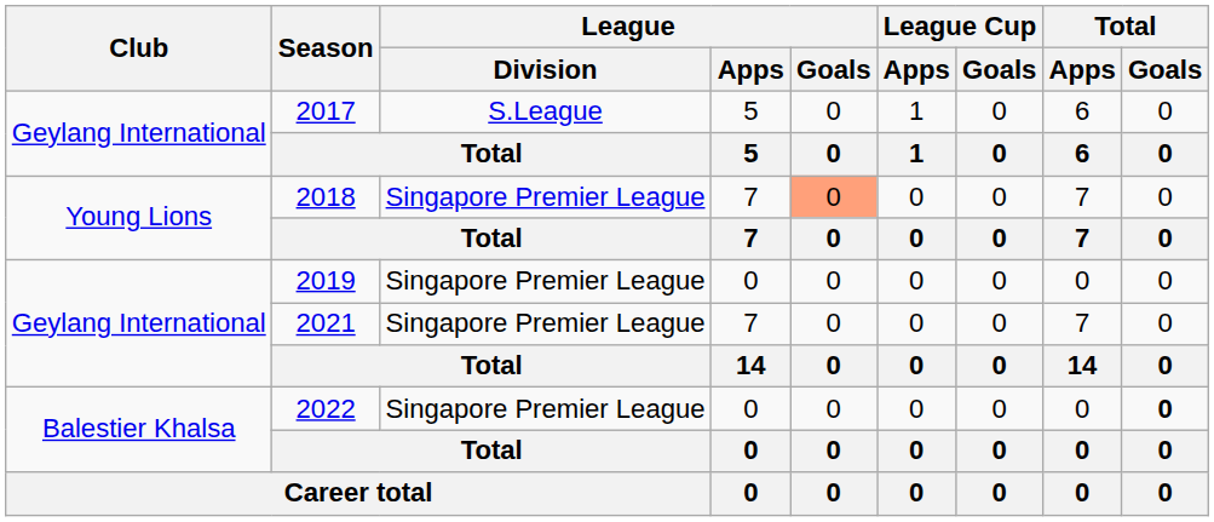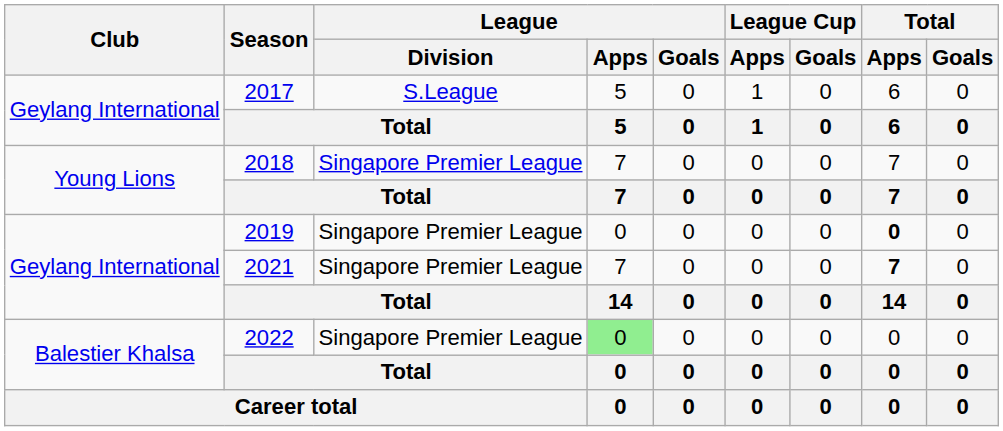 <table class="wikitable" style="text-align:center">
 <tr>
 <th rowspan="2">Club</th>
 <th rowspan="2">Season</th>
 <th colspan="3">League</th>
 <th colspan="2">League Cup</th>
 <th colspan="2">Total</th>
 </tr>
 <tr>
 <th>Division</th>
 <th>Apps</th>
 <th>Goals</th>
 <th>Apps</th>
 <th>Goals</th>
 <th>Apps</th>
 <th>Goals</th>
 </tr>
 <tr>
 <td rowspan="2"><a href='#'>Geylang International</a></td>
 <td><a href='#'>2017</a></td>
 <td><a href='#'>S.League</a></td>
 <td>5</td>
 <td>0</td>
 <td>1</td>
 <td>0</td>
 <td>6</td>
 <td>0</td>
 </tr>
 <tr>
 <th colspan=2>Total</th>
 <th>5</th>
 <th>0</th>
 <th>1</th>
 <th>0</th>
 <th>6</th>
 <th>0</th>
 </tr>
 <tr>
 <td rowspan="2"><a href='#'>Young Lions</a></td>
 <td><a href='#'>2018</a></td>
 <td><a href='#'>Singapore Premier League</a></td>
 <td>7</td>
-<td style="background: lightsalmon;">0</td>
+<td>0</td>
 <td>0</td>
 <td>0</td>
 <td>7</td>
 <td>0</td>
 </tr>
 <tr>
 <th colspan=2>Total</th>
 <th>7</th>
 <th>0</th>
 <th>0</th>
 <th>0</th>
 <th>7</th>
 <th>0</th>
 </tr>
 <tr>
 <td rowspan="3"><a href='#'>Geylang International</a></td>
 <td><a href='#'>2019</a></td>
 <td>Singapore Premier League</td>
 <td>0</td>
 <td>0</td>
 <td>0</td>
 <td>0</td>
-<td>0</td>
+<td><strong>0</strong></td>
 <td>0</td>
 </tr>
 <tr>
 <td><a href='#'>2021</a></td>
 <td>Singapore Premier League</td>
 <td>7</td>
 <td>0</td>
 <td>0</td>
 <td>0</td>
-<td>7</td>
+<td><strong>7</strong></td>
 <td>0</td>
 </tr>
 <tr>
 <th colspan=2>Total</th>
 <th>14</th>
 <th>0</th>
 <th>0</th>
 <th>0</th>
 <th>14</th>
 <th>0</th>
 </tr>
 <tr>
 <td rowspan="2"><a href='#'>Balestier Khalsa</a></td>
 <td><a href='#'>2022</a></td>
 <td>Singapore Premier League</td>
+<td style="background: lightgreen;">0</td>
 <td>0</td>
 <td>0</td>
 <td>0</td>
 <td>0</td>
 <td>0</td>
-<td><strong>0</strong></td>
 </tr>
 <tr>
 <th colspan=2>Total</th>
 <th>0</th>
 <th>0</th>
 <th>0</th>
 <th>0</th>
 <th>0</th>
 <th>0</th>
 </tr>
 <tr>
 <th colspan="3">Career total</th>
 <th>0</th>
 <th>0</th>
 <th>0</th>
 <th>0</th>
 <th>0</th>
 <th>0</th>
 </tr>
 </table>
